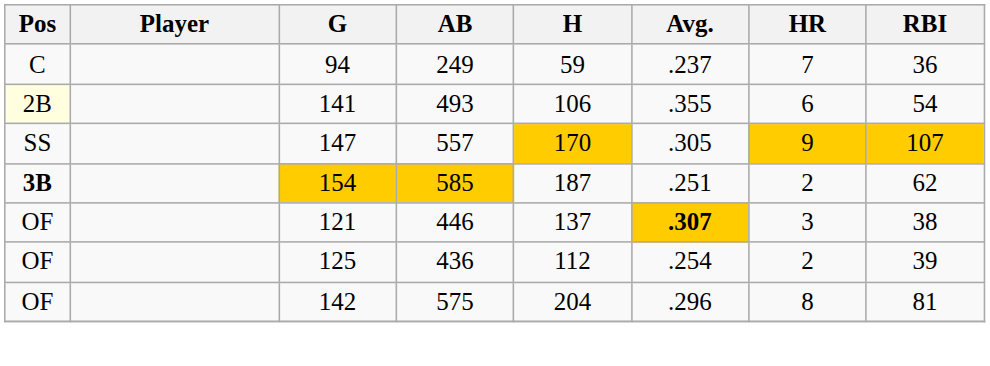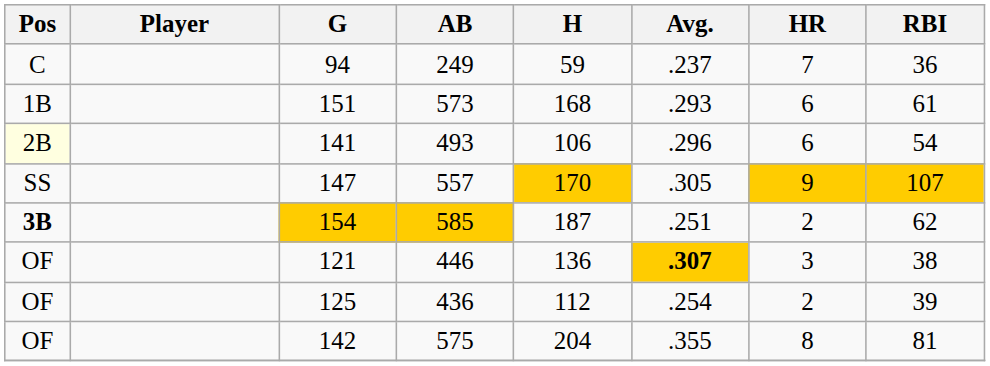 <table class="wikitable sortable">
 <tr>
 <th bgcolor="#DDDDFF" width="5%">Pos</th>
 <th bgcolor="#DDDDFF" width="16%">Player</th>
 <th bgcolor="#DDDDFF" width="9%">G</th>
 <th bgcolor="#DDDDFF" width="9%">AB</th>
 <th bgcolor="#DDDDFF" width="9%">H</th>
 <th bgcolor="#DDDDFF" width="9%">Avg.</th>
 <th bgcolor="#DDDDFF" width="9%">HR</th>
 <th bgcolor="#DDDDFF" width="9%">RBI</th>
 </tr>
 <tr align="center">
 <td>C</td>
 <td></td>
 <td>94</td>
 <td>249</td>
 <td>59</td>
 <td>.237</td>
 <td>7</td>
 <td>36</td>
 </tr>
 <tr align="center">
+<td>1B</td>
+<td></td>
+<td>151</td>
+<td>573</td>
+<td>168</td>
+<td>.293</td>
+<td>6</td>
+<td>61</td>
+</tr>
+<tr align="center">
 <td style="background: lightyellow;">2B</td>
 <td></td>
 <td>141</td>
 <td>493</td>
 <td>106</td>
-<td>.355</td>
+<td>.296</td>
 <td>6</td>
 <td>54</td>
 </tr>
 <tr align="center">
 <td>SS</td>
 <td></td>
 <td>147</td>
 <td>557</td>
 <td style="background:#fc0;">170</td>
 <td>.305</td>
 <td style="background:#fc0;">9</td>
 <td style="background:#fc0;">107</td>
 </tr>
 <tr align="center">
 <td><strong>3B</strong></td>
 <td></td>
 <td style="background:#fc0;">154</td>
 <td style="background:#fc0;">585</td>
 <td>187</td>
 <td>.251</td>
 <td>2</td>
 <td>62</td>
 </tr>
 <tr align="center">
 <td>OF</td>
 <td></td>
 <td>121</td>
 <td>446</td>
-<td>137</td>
+<td>136</td>
 <td style="background:#fc0;"><strong>.307</strong></td>
 <td>3</td>
 <td>38</td>
 </tr>
 <tr align="center">
 <td>OF</td>
 <td></td>
 <td>125</td>
 <td>436</td>
 <td>112</td>
 <td>.254</td>
 <td>2</td>
 <td>39</td>
 </tr>
 <tr align="center">
 <td>OF</td>
 <td></td>
 <td>142</td>
 <td>575</td>
 <td>204</td>
-<td>.296</td>
+<td>.355</td>
 <td>8</td>
 <td>81</td>
 </tr>
 <tr align="center">
 </tr>
 </table>
